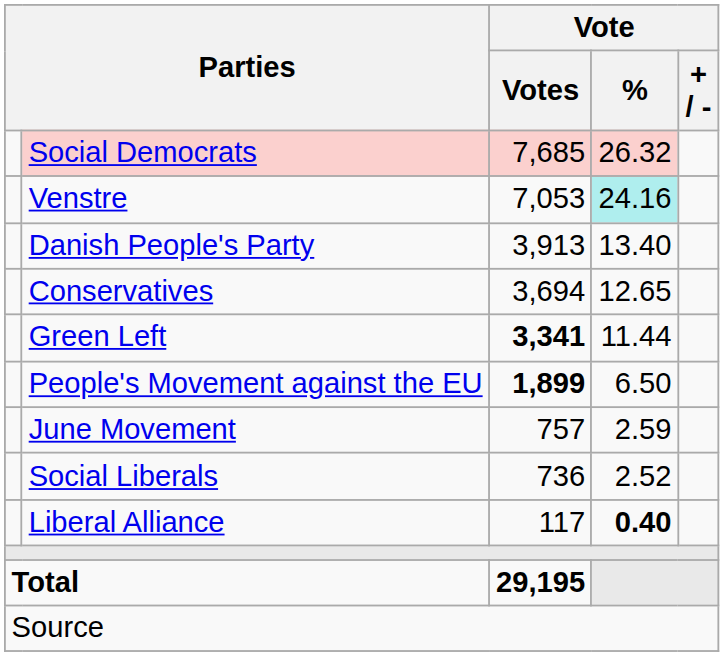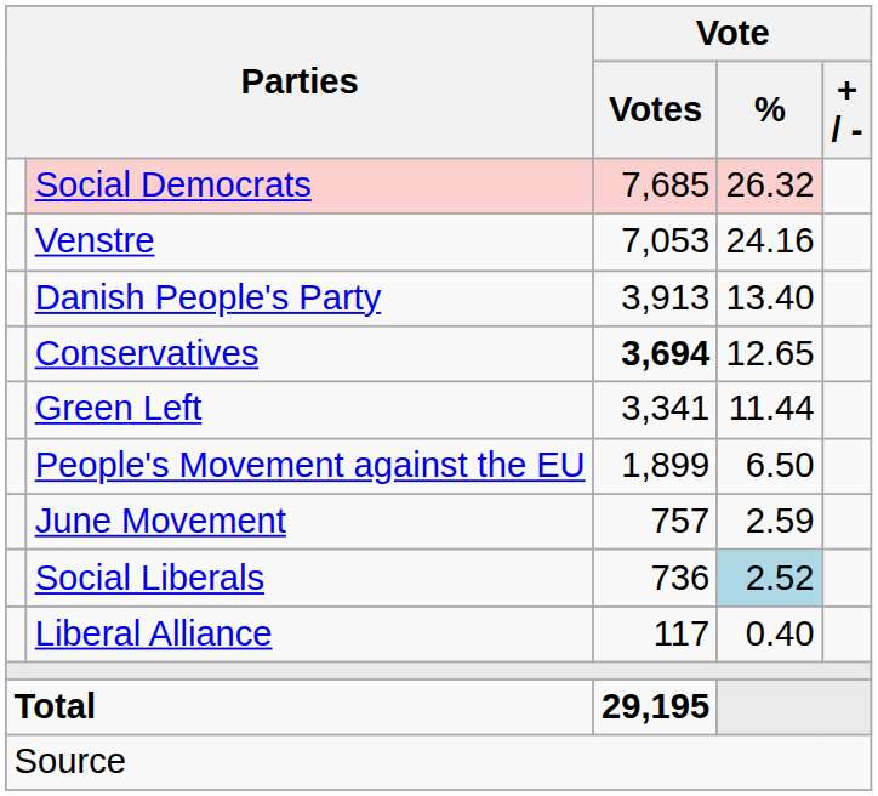 <table class="wikitable" style="text-align:right;">
 <tr>
 <th style="text-align:centre;" rowspan="2" colspan="2" width="225">Parties</th>
 <th colspan="3">Vote</th>
 </tr>
 <tr>
 <th width="15">Votes</th>
 <th width="15">%</th>
 <th width="15">+ / -</th>
 </tr>
 <tr>
 <td width="2" style="color:inherit;background:"></td>
 <td bgcolor=#fbd0ce   align="left"><a href='#'>Social Democrats</a></td>
 <td bgcolor=#fbd0ce>7,685</td>
 <td bgcolor=#fbd0ce>26.32</td>
 <td></td>
 </tr>
 <tr>
 <td width="2" style="color:inherit;background:"></td>
 <td align="left"><a href='#'>Venstre</a></td>
 <td>7,053</td>
-<td style="background: paleturquoise;">24.16</td>
+<td>24.16</td>
 <td></td>
 </tr>
 <tr>
 <td width="2" style="color:inherit;background:"></td>
 <td align="left"><a href='#'>Danish People's Party</a></td>
 <td>3,913</td>
 <td>13.40</td>
 <td></td>
 </tr>
 <tr>
 <td width="2" style="color:inherit;background:"></td>
 <td align="left"><a href='#'>Conservatives</a></td>
-<td>3,694</td>
+<td><strong>3,694</strong></td>
 <td>12.65</td>
 <td></td>
 </tr>
 <tr>
 <td width="2" style="color:inherit;background:"></td>
 <td align="left"><a href='#'>Green Left</a></td>
-<td><strong>3,341</strong></td>
+<td>3,341</td>
 <td>11.44</td>
 <td></td>
 </tr>
 <tr>
 <td width="2" style="color:inherit;background:"></td>
 <td align="left"><a href='#'>People's Movement against the EU</a></td>
-<td><strong>1,899</strong></td>
+<td>1,899</td>
 <td>6.50</td>
 <td></td>
 </tr>
 <tr>
 <td width="2" style="color:inherit;background:"></td>
 <td align="left"><a href='#'>June Movement</a></td>
 <td>757</td>
 <td>2.59</td>
 <td></td>
 </tr>
 <tr>
 <td width="2" style="color:inherit;background:"></td>
 <td align="left"><a href='#'>Social Liberals</a></td>
 <td>736</td>
-<td>2.52</td>
+<td style="background: lightblue;">2.52</td>
 <td></td>
 </tr>
 <tr>
 <td width="2" style="color:inherit;background:"></td>
 <td align="left"><a href='#'>Liberal Alliance</a></td>
 <td>117</td>
-<td><strong>0.40</strong></td>
+<td>0.40</td>
 <td></td>
 </tr>
 <tr>
 <td colspan="7" bgcolor="#E9E9E9"></td>
 </tr>
 <tr>
 <td align="left" colspan="2"><strong>Total</strong></td>
 <td><strong>29,195</strong></td>
 <td bgcolor="#E9E9E9" colspan="2"></td>
 </tr>
 <tr>
 <td align="left" colspan="6">Source</td>
 </tr>
 </table>
